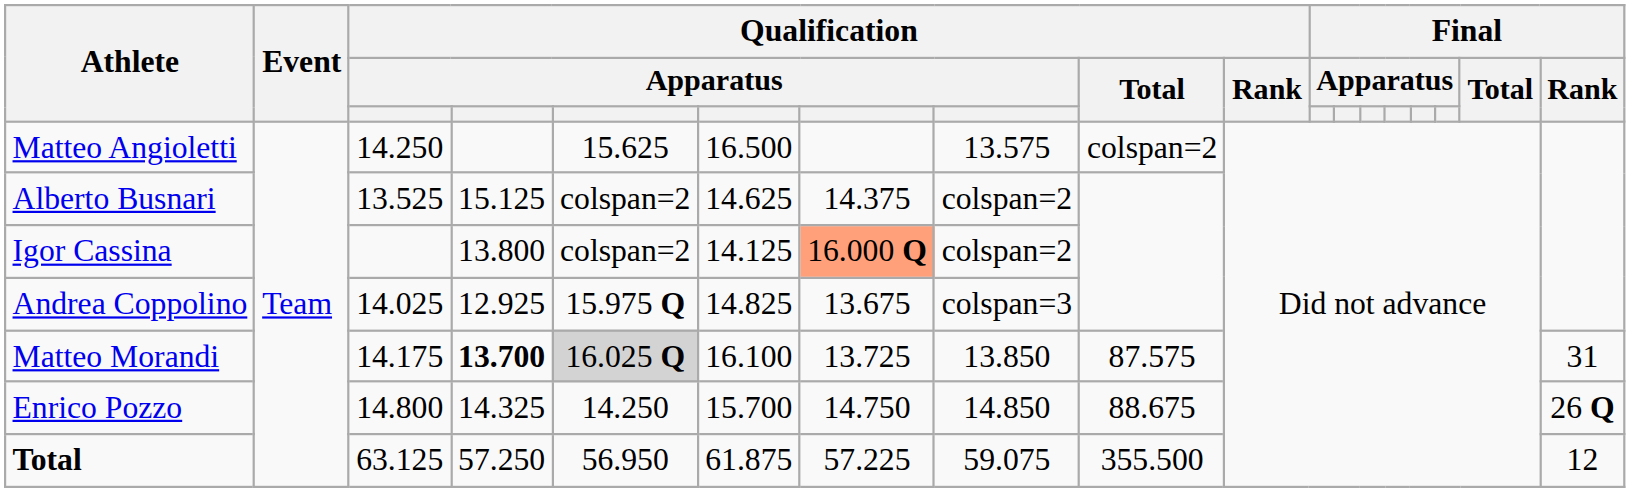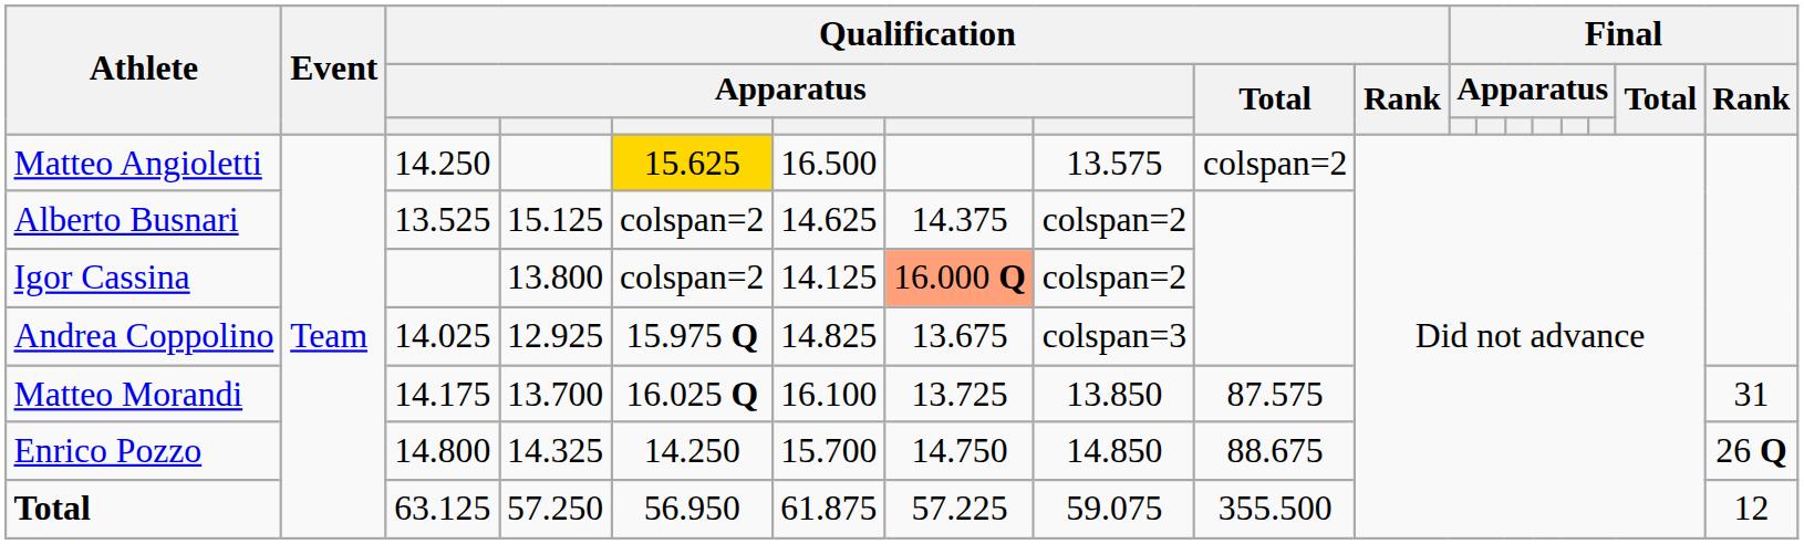 <table class="wikitable" style="font-size:90%">
 <tr>
 <th rowspan=3>Athlete</th>
 <th rowspan=3>Event</th>
 <th colspan =8>Qualification</th>
 <th colspan =8>Final</th>
 </tr>
 <tr style="font-size:95%">
 <th colspan=6>Apparatus</th>
 <th rowspan=2>Total</th>
 <th rowspan=2>Rank</th>
 <th colspan=6>Apparatus</th>
 <th rowspan=2>Total</th>
 <th rowspan=2>Rank</th>
 </tr>
 <tr style="font-size:95%">
 <th></th>
 <th></th>
 <th></th>
 <th></th>
 <th></th>
 <th></th>
 <th></th>
 <th></th>
 <th></th>
 <th></th>
 <th></th>
 <th></th>
 </tr>
 <tr align=center>
 <td align=left><a href='#'>Matteo Angioletti</a></td>
 <td rowspan=7 align=left><a href='#'>Team</a></td>
 <td>14.250</td>
 <td></td>
-<td>15.625</td>
+<td style="background: gold;">15.625</td>
 <td>16.500</td>
 <td></td>
 <td>13.575</td>
 <td>colspan=2 </td>
 <td rowspan=7 colspan=8>Did not advance</td>
 </tr>
 <tr align=center>
 <td align=left><a href='#'>Alberto Busnari</a></td>
 <td>13.525</td>
 <td>15.125</td>
 <td>colspan=2 </td>
 <td>14.625</td>
 <td>14.375</td>
 <td>colspan=2 </td>
 </tr>
 <tr align=center>
 <td align=left><a href='#'>Igor Cassina</a></td>
 <td></td>
 <td>13.800</td>
 <td>colspan=2 </td>
 <td>14.125</td>
 <td style="background: lightsalmon;">16.000 <strong>Q</strong></td>
 <td>colspan=2 </td>
 </tr>
 <tr align=center>
 <td align=left><a href='#'>Andrea Coppolino</a></td>
 <td>14.025</td>
 <td>12.925</td>
 <td>15.975 <strong>Q</strong></td>
 <td>14.825</td>
 <td>13.675</td>
 <td>colspan=3 </td>
 </tr>
 <tr align=center>
 <td align=left><a href='#'>Matteo Morandi</a></td>
 <td>14.175</td>
-<td><strong>13.700</strong></td>
-<td style="background: lightgrey;">16.025 <strong>Q</strong></td>
+<td>13.700</td>
+<td>16.025 <strong>Q</strong></td>
 <td>16.100</td>
 <td>13.725</td>
 <td>13.850</td>
 <td>87.575</td>
 <td>31</td>
 </tr>
 <tr align=center>
 <td align=left><a href='#'>Enrico Pozzo</a></td>
 <td>14.800</td>
 <td>14.325</td>
 <td>14.250</td>
 <td>15.700</td>
 <td>14.750</td>
 <td>14.850</td>
 <td>88.675</td>
 <td>26 <strong>Q</strong></td>
 </tr>
 <tr align=center>
 <td align=left><strong>Total</strong></td>
 <td>63.125</td>
 <td>57.250</td>
 <td>56.950</td>
 <td>61.875</td>
 <td>57.225</td>
 <td>59.075</td>
 <td>355.500</td>
 <td>12</td>
 </tr>
 </table>
